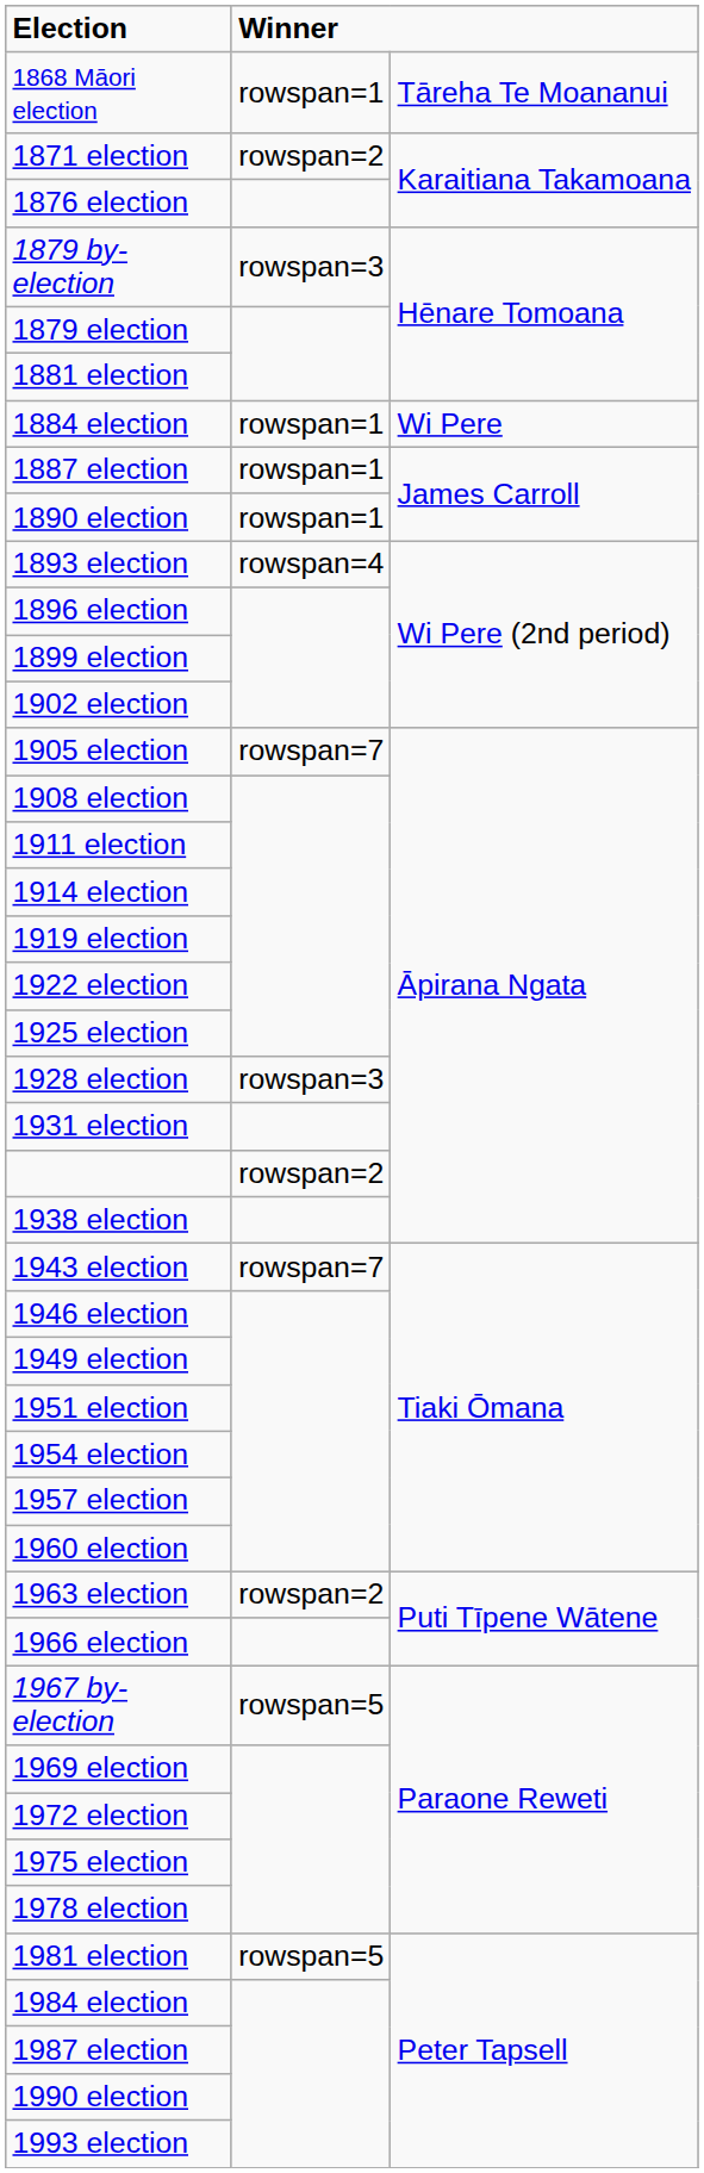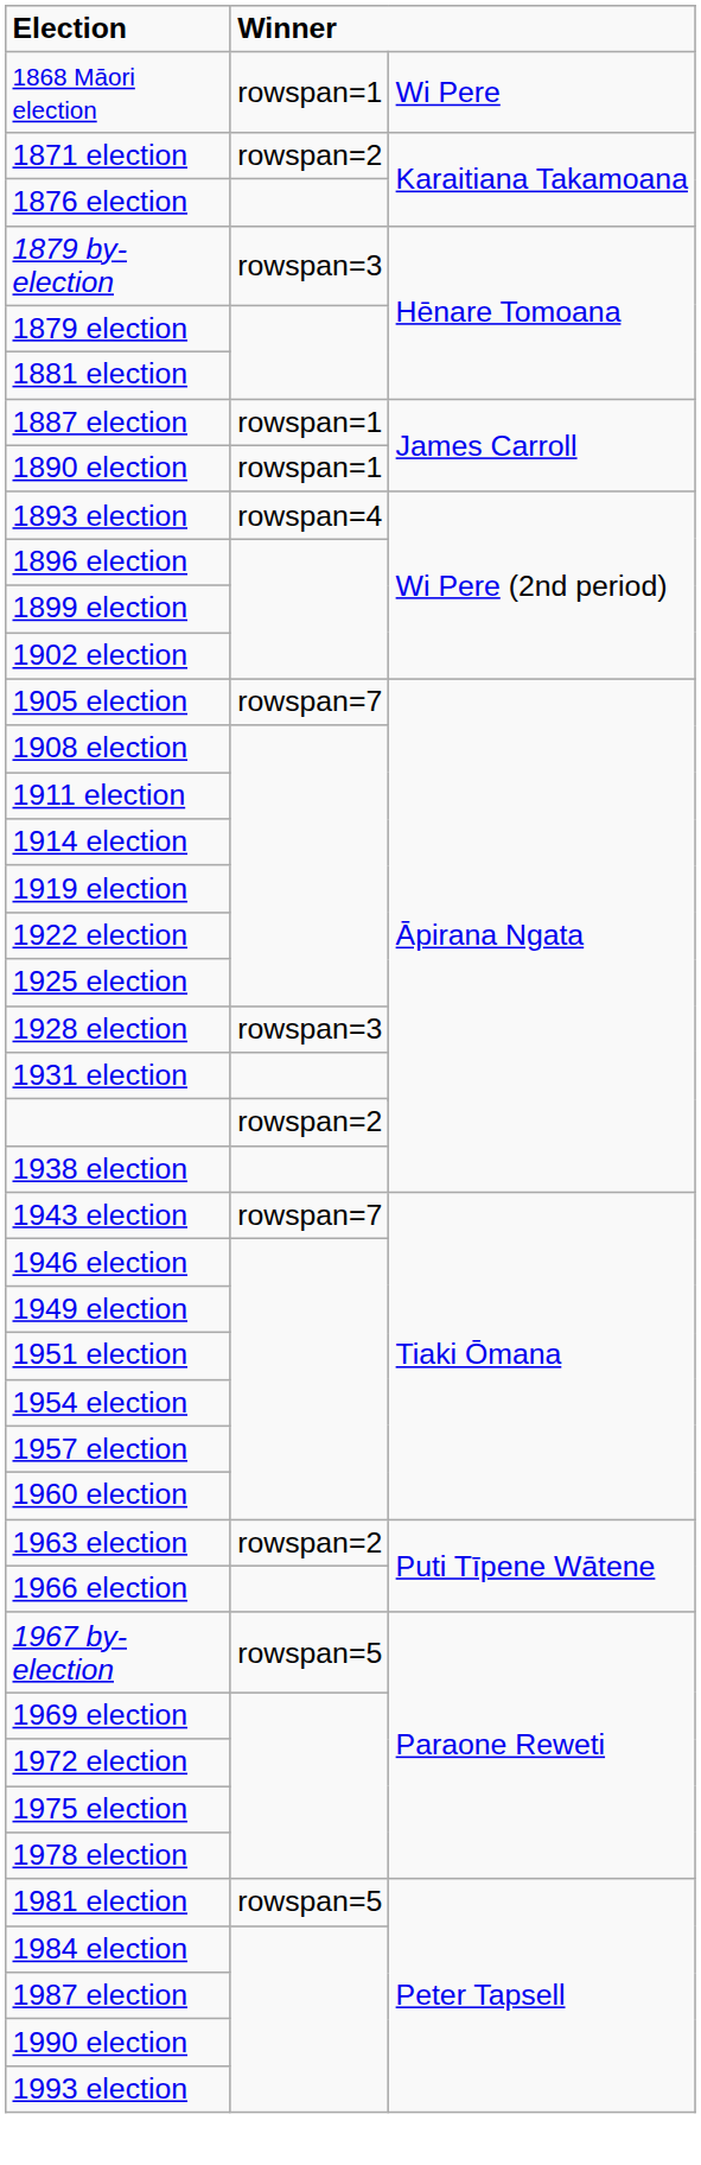 <table class="wikitable">
 <tr>
 <td width=115><strong>Election</strong></td>
 <td width=175 colspan=2><strong>Winner</strong></td>
 </tr>
 <tr>
 <td><small><a href='#'>1868 Māori election</a></small></td>
 <td>rowspan=1 </td>
-<td><a href='#'>Tāreha Te Moananui</a></td>
+<td rowspan=1><a href='#'>Wi Pere</a></td>
 </tr>
 <tr>
 <td><a href='#'>1871 election</a></td>
 <td>rowspan=2 </td>
 <td rowspan=2><a href='#'>Karaitiana Takamoana</a></td>
 </tr>
 <tr>
 <td><a href='#'>1876 election</a></td>
 </tr>
 <tr>
 <td><span><em><a href='#'>1879 by-election</a></em></span></td>
 <td>rowspan=3 </td>
 <td rowspan=3><a href='#'>Hēnare Tomoana</a></td>
 </tr>
 <tr>
 <td><a href='#'>1879 election</a></td>
 </tr>
 <tr>
 <td><a href='#'>1881 election</a></td>
-</tr>
-<tr>
-<td><a href='#'>1884 election</a></td>
-<td>rowspan=1 </td>
-<td rowspan=1><a href='#'>Wi Pere</a></td>
 </tr>
 <tr>
 <td><a href='#'>1887 election</a></td>
 <td>rowspan=1 </td>
 <td rowspan=2><a href='#'>James Carroll</a></td>
 </tr>
 <tr>
 <td><a href='#'>1890 election</a></td>
 <td>rowspan=1 </td>
 </tr>
 <tr>
 <td><a href='#'>1893 election</a></td>
 <td>rowspan=4 </td>
 <td rowspan=4><a href='#'>Wi Pere</a> (2nd period)</td>
 </tr>
 <tr>
 <td><a href='#'>1896 election</a></td>
 </tr>
 <tr>
 <td><a href='#'>1899 election</a></td>
 </tr>
 <tr>
 <td><a href='#'>1902 election</a></td>
 </tr>
 <tr>
 <td><a href='#'>1905 election</a></td>
 <td>rowspan=7 </td>
 <td rowspan=12><a href='#'>Āpirana Ngata</a></td>
 </tr>
 <tr>
 <td><a href='#'>1908 election</a></td>
 </tr>
 <tr>
 <td><a href='#'>1911 election</a></td>
 </tr>
 <tr>
 <td><a href='#'>1914 election</a></td>
 </tr>
 <tr>
 <td><a href='#'>1919 election</a></td>
 </tr>
 <tr>
 <td><a href='#'>1922 election</a></td>
 </tr>
 <tr>
 <td><a href='#'>1925 election</a></td>
 </tr>
 <tr>
 <td><a href='#'>1928 election</a></td>
 <td>rowspan=3 </td>
 </tr>
 <tr>
 <td><a href='#'>1931 election</a></td>
 </tr>
 <tr>
 <td rowspan=2 height=18></td>
 </tr>
 <tr>
 <td>rowspan=2 </td>
 </tr>
 <tr>
 <td><a href='#'>1938 election</a></td>
 </tr>
 <tr>
 <td><a href='#'>1943 election</a></td>
 <td>rowspan=7 </td>
 <td rowspan=7><a href='#'>Tiaki Ōmana</a></td>
 </tr>
 <tr>
 <td><a href='#'>1946 election</a></td>
 </tr>
 <tr>
 <td><a href='#'>1949 election</a></td>
 </tr>
 <tr>
 <td><a href='#'>1951 election</a></td>
 </tr>
 <tr>
 <td><a href='#'>1954 election</a></td>
 </tr>
 <tr>
 <td><a href='#'>1957 election</a></td>
 </tr>
 <tr>
 <td><a href='#'>1960 election</a></td>
 </tr>
 <tr>
 <td><a href='#'>1963 election</a></td>
 <td>rowspan=2 </td>
 <td rowspan=2><a href='#'>Puti Tīpene Wātene</a></td>
 </tr>
 <tr>
 <td><a href='#'>1966 election</a></td>
 </tr>
 <tr>
 <td><span><em><a href='#'>1967 by-election</a></em></span></td>
 <td>rowspan=5 </td>
 <td rowspan=5><a href='#'>Paraone Reweti</a></td>
 </tr>
 <tr>
 <td><a href='#'>1969 election</a></td>
 </tr>
 <tr>
 <td><a href='#'>1972 election</a></td>
 </tr>
 <tr>
 <td><a href='#'>1975 election</a></td>
 </tr>
 <tr>
 <td><a href='#'>1978 election</a></td>
 </tr>
 <tr>
 <td><a href='#'>1981 election</a></td>
 <td>rowspan=5 </td>
 <td rowspan=5><a href='#'>Peter Tapsell</a></td>
 </tr>
 <tr>
 <td><a href='#'>1984 election</a></td>
 </tr>
 <tr>
 <td><a href='#'>1987 election</a></td>
 </tr>
 <tr>
 <td><a href='#'>1990 election</a></td>
 </tr>
 <tr>
 <td><a href='#'>1993 election</a></td>
 </tr>
 </table>
